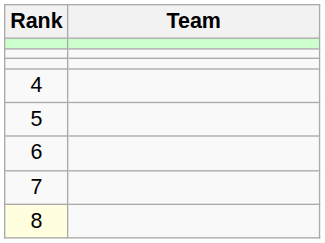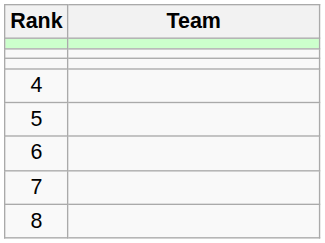 <table class="wikitable" style="text-align:center">
 <tr>
 <th width=40>Rank</th>
 <th width=180>Team</th>
 </tr>
 <tr bgcolor=#ccffcc>
 <td></td>
 <td align=left></td>
 </tr>
 <tr>
 <td></td>
 <td align=left></td>
 </tr>
 <tr>
 <td></td>
 <td align=left></td>
 </tr>
 <tr>
 <td>4</td>
 <td align=left></td>
 </tr>
 <tr>
 <td>5</td>
 <td align=left></td>
 </tr>
 <tr>
 <td>6</td>
 <td align=left></td>
 </tr>
 <tr>
 <td>7</td>
 <td align=left></td>
 </tr>
 <tr>
-<td style="background: lightyellow;">8</td>
+<td>8</td>
 <td align=left></td>
 </tr>
 </table>
